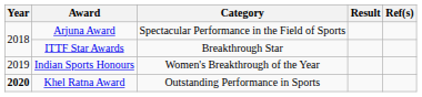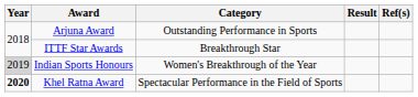 <table class="wikitable" style="text-align:center;">
 <tr>
 <th>Year</th>
 <th>Award</th>
 <th>Category</th>
 <th>Result</th>
 <th>Ref(s)</th>
 </tr>
 <tr>
 <td rowspan=2>2018</td>
 <td><a href='#'>Arjuna Award</a></td>
-<td>Spectacular Performance in the Field of Sports</td>
+<td>Outstanding Performance in Sports</td>
 <td></td>
 <td></td>
 </tr>
 <tr>
 <td><a href='#'>ITTF Star Awards</a></td>
 <td>Breakthrough Star</td>
 <td></td>
 <td></td>
 </tr>
 <tr>
-<td>2019</td>
+<td style="background: lightgrey;">2019</td>
 <td><a href='#'>Indian Sports Honours</a></td>
 <td>Women's Breakthrough of the Year</td>
 <td></td>
 <td></td>
 </tr>
 <tr>
 <td><strong>2020</strong></td>
 <td><a href='#'>Khel Ratna Award</a></td>
-<td>Outstanding Performance in Sports</td>
+<td>Spectacular Performance in the Field of Sports</td>
 <td></td>
 <td></td>
 </tr>
 </table>
